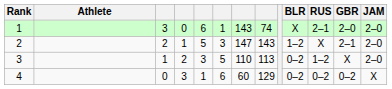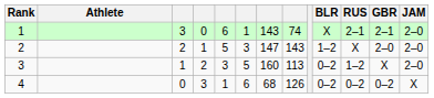 <table class="wikitable" style="text-align:center">
 <tr>
 <th>Rank</th>
 <th width=250>Athlete</th>
 <th width=30></th>
 <th width=30></th>
 <th width=30></th>
 <th width=30></th>
 <th width=30></th>
 <th width=30></th>
 <th rowspan=5></th>
 <th width=30>BLR</th>
 <th width=30>RUS</th>
 <th width=30>GBR</th>
 <th width=30>JAM</th>
 </tr>
 <tr style="background-color:#ccffcc;">
 <td>1</td>
 <td align=left></td>
 <td>3</td>
 <td>0</td>
 <td>6</td>
 <td>1</td>
 <td>143</td>
 <td>74</td>
 <td>X</td>
 <td>2–1</td>
-<td>2–0</td>
+<td>2–1</td>
 <td>2–0</td>
 </tr>
 <tr>
 <td>2</td>
 <td align=left></td>
 <td>2</td>
 <td>1</td>
 <td>5</td>
 <td>3</td>
 <td>147</td>
 <td>143</td>
 <td>1–2</td>
 <td>X</td>
-<td>2–1</td>
+<td>2–0</td>
 <td>2–0</td>
 </tr>
 <tr>
 <td>3</td>
 <td align=left></td>
 <td>1</td>
 <td>2</td>
 <td>3</td>
 <td>5</td>
-<td>110</td>
+<td>160</td>
 <td>113</td>
 <td>0–2</td>
 <td>1–2</td>
 <td>X</td>
 <td>2–0</td>
 </tr>
 <tr>
 <td>4</td>
 <td align=left></td>
 <td>0</td>
 <td>3</td>
 <td>1</td>
 <td>6</td>
-<td>60</td>
-<td>129</td>
+<td>68</td>
+<td>126</td>
 <td>0–2</td>
 <td>0–2</td>
 <td>0–2</td>
 <td>X</td>
 </tr>
 </table>
